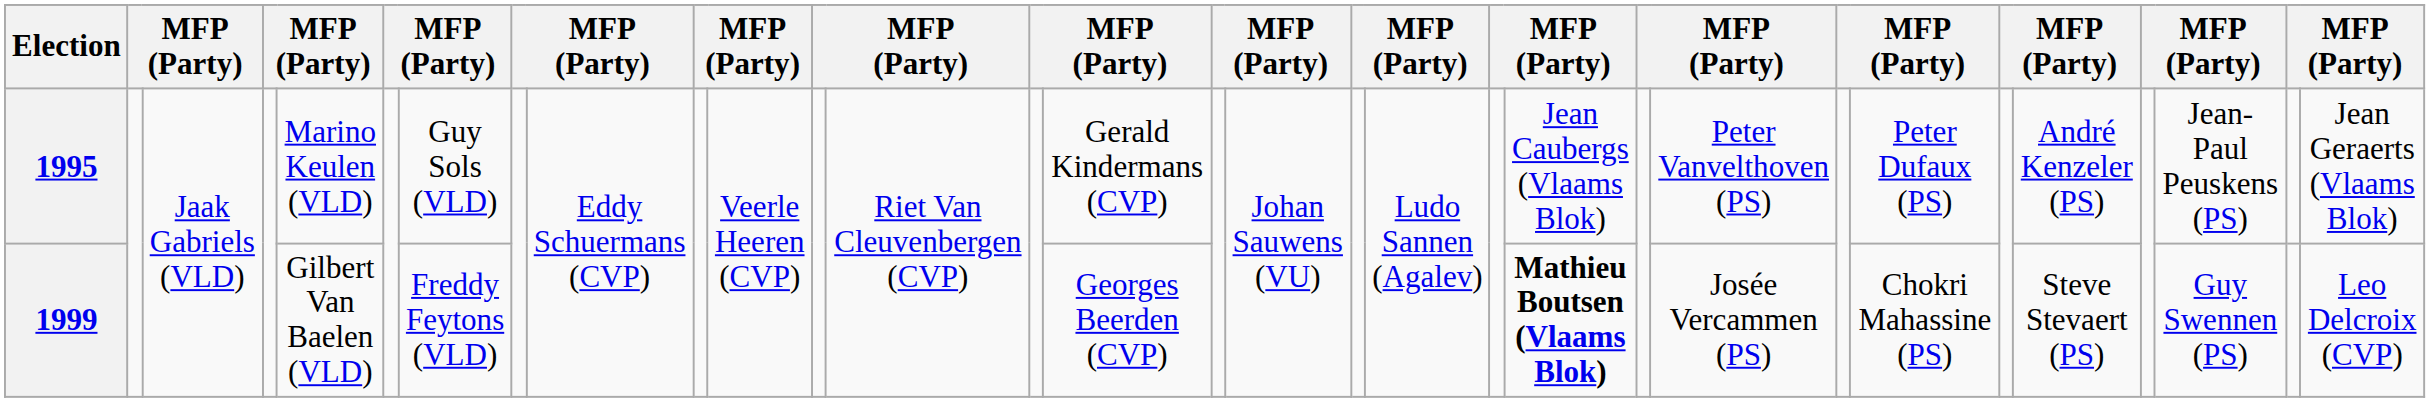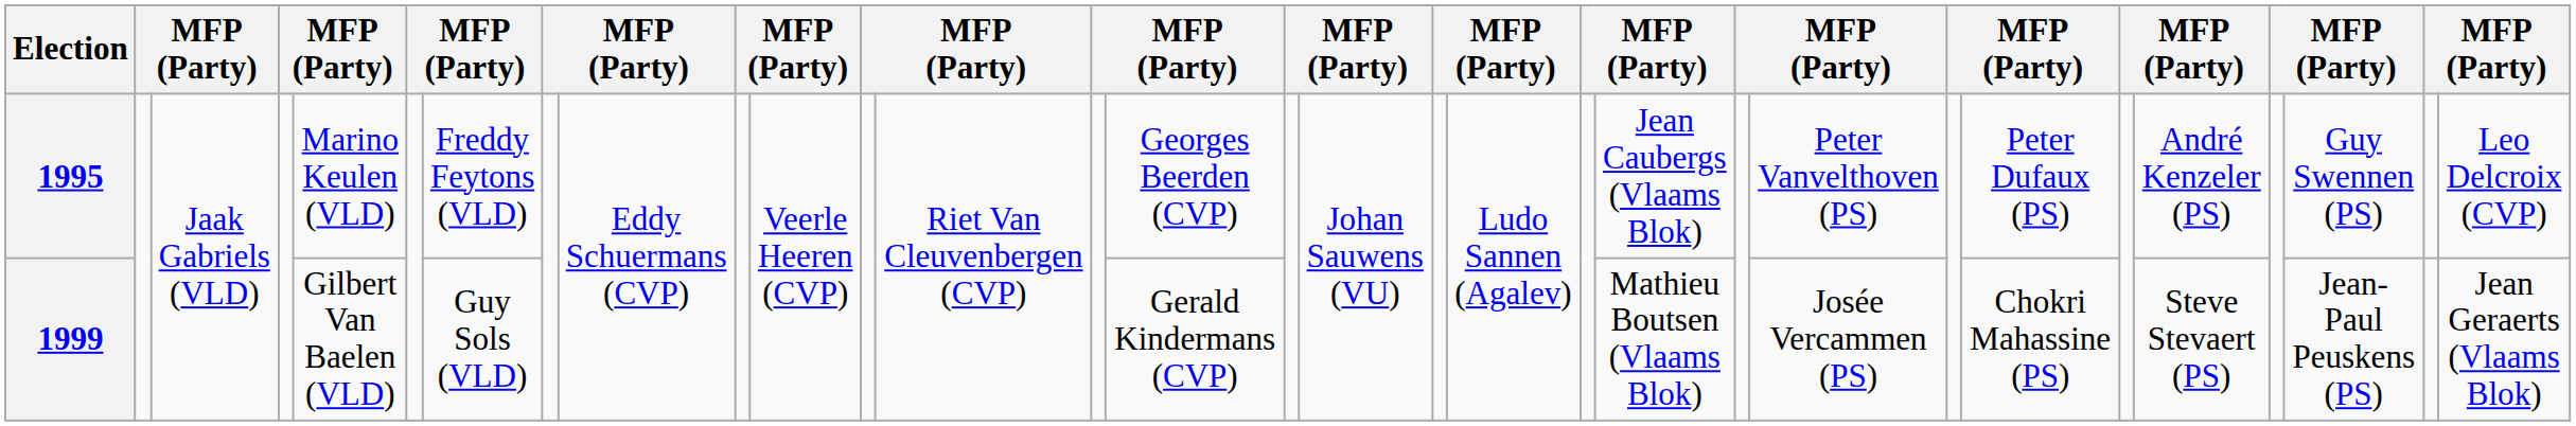 <table class="wikitable" style="text-align:center">
 <tr>
 <th>Election</th>
 <th colspan=2>MFP<br>(Party)</th>
 <th colspan=2>MFP<br>(Party)</th>
 <th colspan=2>MFP<br>(Party)</th>
 <th colspan=2>MFP<br>(Party)</th>
 <th colspan=2>MFP<br>(Party)</th>
 <th colspan=2>MFP<br>(Party)</th>
 <th colspan=2>MFP<br>(Party)</th>
 <th colspan=2>MFP<br>(Party)</th>
 <th colspan=2>MFP<br>(Party)</th>
 <th colspan=2>MFP<br>(Party)</th>
 <th colspan=2>MFP<br>(Party)</th>
 <th colspan=2>MFP<br>(Party)</th>
 <th colspan=2>MFP<br>(Party)</th>
 <th colspan=2>MFP<br>(Party)</th>
 <th colspan=2>MFP<br>(Party)</th>
 </tr>
 <tr>
 <th><a href='#'>1995</a></th>
 <td rowspan=2; style="background-color: "></td>
 <td rowspan=2><a href='#'>Jaak Gabriels</a><br>(<a href='#'>VLD</a>)</td>
 <td rowspan=2; style="background-color: "></td>
 <td><a href='#'>Marino Keulen</a><br>(<a href='#'>VLD</a>)</td>
 <td rowspan=2; style="background-color: "></td>
-<td>Guy Sols<br>(<a href='#'>VLD</a>)</td>
+<td><a href='#'>Freddy Feytons</a><br>(<a href='#'>VLD</a>)</td>
 <td rowspan=2; style="background-color: "></td>
 <td rowspan=2><a href='#'>Eddy Schuermans</a><br>(<a href='#'>CVP</a>)</td>
 <td rowspan=2; style="background-color: "></td>
 <td rowspan=2><a href='#'>Veerle Heeren</a><br>(<a href='#'>CVP</a>)</td>
 <td rowspan=2; style="background-color: "></td>
 <td rowspan=2><a href='#'>Riet Van Cleuvenbergen</a><br>(<a href='#'>CVP</a>)</td>
 <td rowspan=2; style="background-color: "></td>
-<td>Gerald Kindermans<br>(<a href='#'>CVP</a>)</td>
+<td><a href='#'>Georges Beerden</a><br>(<a href='#'>CVP</a>)</td>
 <td rowspan=2; style="background-color: "></td>
 <td rowspan=2><a href='#'>Johan Sauwens</a><br>(<a href='#'>VU</a>)</td>
 <td rowspan=2; style="background-color: "></td>
 <td rowspan=2><a href='#'>Ludo Sannen</a><br>(<a href='#'>Agalev</a>)</td>
 <td rowspan=2; style="background-color: "></td>
 <td><a href='#'>Jean Caubergs</a><br>(<a href='#'>Vlaams Blok</a>)</td>
 <td rowspan=2; style="background-color: "></td>
 <td><a href='#'>Peter Vanvelthoven</a><br>(<a href='#'>PS</a>)</td>
 <td rowspan=2; style="background-color: "></td>
 <td><a href='#'>Peter Dufaux</a><br>(<a href='#'>PS</a>)</td>
 <td rowspan=2; style="background-color: "></td>
 <td><a href='#'>André Kenzeler</a><br>(<a href='#'>PS</a>)</td>
 <td rowspan=2; style="background-color: "></td>
+<td><a href='#'>Guy Swennen</a><br>(<a href='#'>PS</a>)</td>
+<td rowspan=1; style="background-color: "></td>
+<td><a href='#'>Leo Delcroix</a><br>(<a href='#'>CVP</a>)</td>
+</tr>
+<tr>
+<th><a href='#'>1999</a></th>
+<td>Gilbert Van Baelen<br>(<a href='#'>VLD</a>)</td>
+<td>Guy Sols<br>(<a href='#'>VLD</a>)</td>
+<td>Gerald Kindermans<br>(<a href='#'>CVP</a>)</td>
+<td>Mathieu Boutsen<br>(<a href='#'>Vlaams Blok</a>)</td>
+<td>Josée Vercammen<br>(<a href='#'>PS</a>)</td>
+<td>Chokri Mahassine<br>(<a href='#'>PS</a>)</td>
+<td>Steve Stevaert<br>(<a href='#'>PS</a>)</td>
 <td>Jean-Paul Peuskens<br>(<a href='#'>PS</a>)</td>
 <td rowspan=1; style="background-color: "></td>
 <td>Jean Geraerts<br>(<a href='#'>Vlaams Blok</a>)</td>
 </tr>
-<tr>
-<th><a href='#'>1999</a></th>
-<td>Gilbert Van Baelen<br>(<a href='#'>VLD</a>)</td>
-<td><a href='#'>Freddy Feytons</a><br>(<a href='#'>VLD</a>)</td>
-<td><a href='#'>Georges Beerden</a><br>(<a href='#'>CVP</a>)</td>
-<td><strong>Mathieu Boutsen<br>(<a href='#'>Vlaams Blok</a>)</strong></td>
-<td>Josée Vercammen<br>(<a href='#'>PS</a>)</td>
-<td>Chokri Mahassine<br>(<a href='#'>PS</a>)</td>
-<td>Steve Stevaert<br>(<a href='#'>PS</a>)</td>
-<td><a href='#'>Guy Swennen</a><br>(<a href='#'>PS</a>)</td>
-<td rowspan=1; style="background-color: "></td>
-<td><a href='#'>Leo Delcroix</a><br>(<a href='#'>CVP</a>)</td>
-</tr>
 </table>
